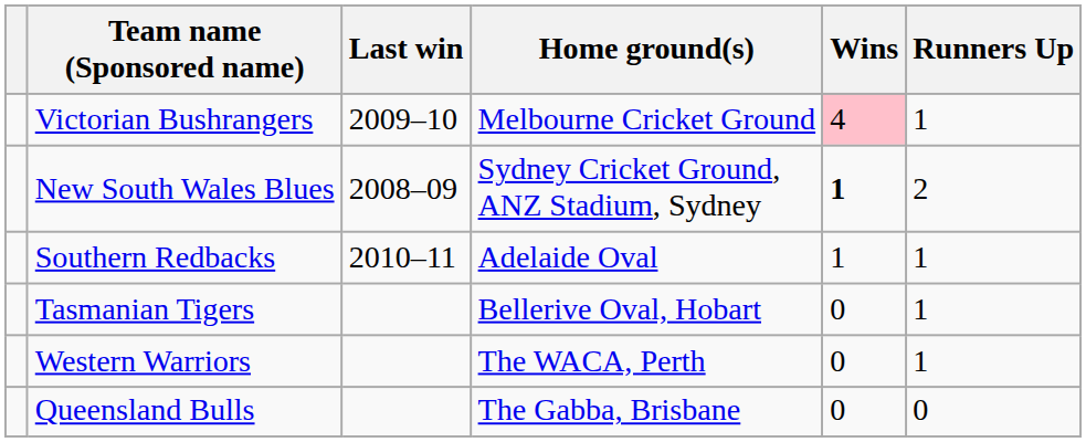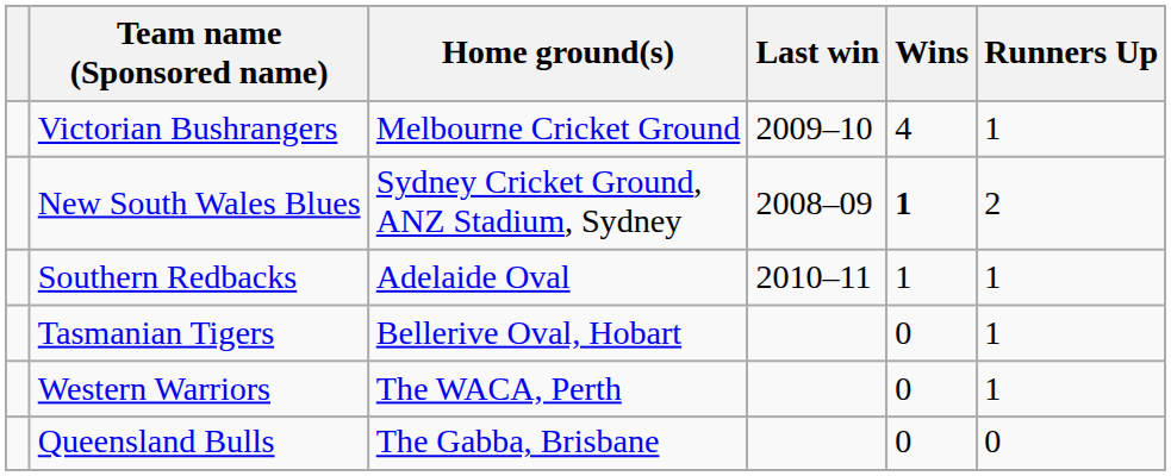 <table class="wikitable" style="font-size:90%;">
 <tr bgcolor="#efefef">
 <th> </th>
 <th>Team name<br>(Sponsored name)</th>
+<th>Home ground(s)</th>
 <th>Last win</th>
-<th>Home ground(s)</th>
 <th>Wins</th>
 <th>Runners Up</th>
 </tr>
 <tr>
 <td> </td>
 <td><a href='#'>Victorian Bushrangers</a></td>
+<td><a href='#'>Melbourne Cricket Ground</a></td>
 <td>2009–10</td>
-<td><a href='#'>Melbourne Cricket Ground</a></td>
-<td style="background: pink;">4</td>
+<td>4</td>
 <td>1</td>
 </tr>
 <tr>
 <td> </td>
 <td><a href='#'>New South Wales Blues</a></td>
+<td><a href='#'>Sydney Cricket Ground</a>,<br> <a href='#'>ANZ Stadium</a>, Sydney</td>
 <td>2008–09</td>
-<td><a href='#'>Sydney Cricket Ground</a>,<br> <a href='#'>ANZ Stadium</a>, Sydney</td>
 <td><strong>1</strong></td>
 <td>2</td>
 </tr>
 <tr>
 <td> </td>
 <td><a href='#'>Southern Redbacks</a></td>
+<td><a href='#'>Adelaide Oval</a></td>
 <td>2010–11</td>
-<td><a href='#'>Adelaide Oval</a></td>
 <td>1</td>
 <td>1</td>
 </tr>
 <tr>
 <td> </td>
 <td><a href='#'>Tasmanian Tigers</a></td>
+<td><a href='#'>Bellerive Oval, Hobart</a></td>
 <td></td>
-<td><a href='#'>Bellerive Oval, Hobart</a></td>
 <td>0</td>
 <td>1</td>
 </tr>
 <tr>
 <td> </td>
 <td><a href='#'>Western Warriors</a></td>
+<td><a href='#'>The WACA, Perth</a></td>
 <td></td>
-<td><a href='#'>The WACA, Perth</a></td>
 <td>0</td>
 <td>1</td>
 </tr>
 <tr>
 <td> </td>
 <td><a href='#'>Queensland Bulls</a></td>
+<td><a href='#'>The Gabba, Brisbane</a></td>
 <td></td>
-<td><a href='#'>The Gabba, Brisbane</a></td>
 <td>0</td>
 <td>0</td>
 </tr>
 </table>
